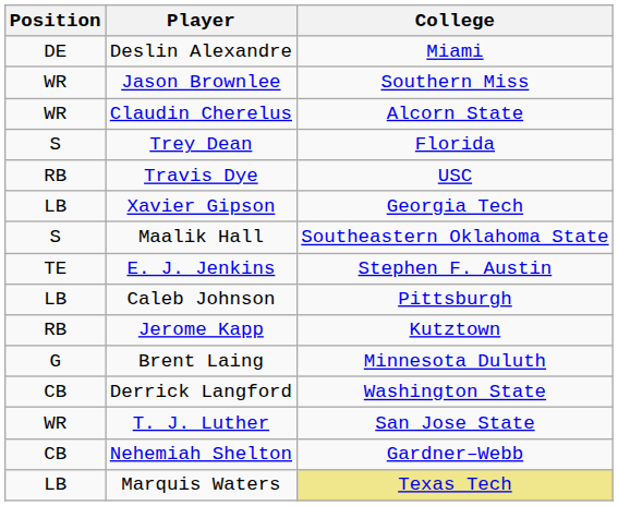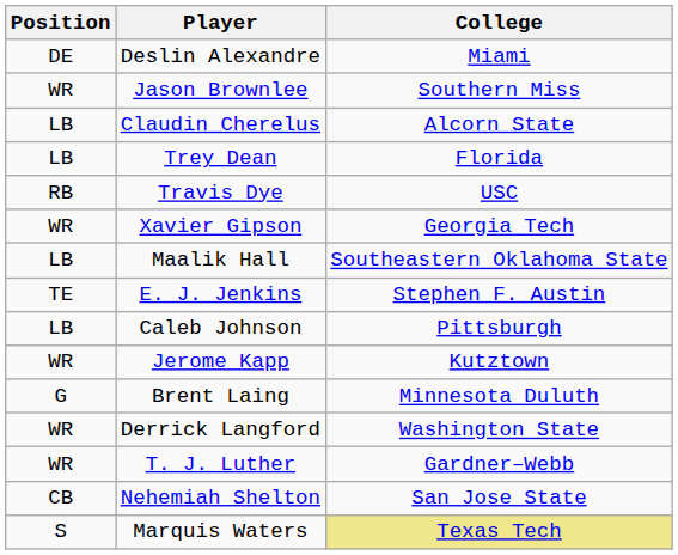 <table class="wikitable" style="text-align:center">
 <tr>
 <th>Position</th>
 <th>Player</th>
 <th>College</th>
 </tr>
 <tr>
 <td>DE</td>
 <td>Deslin Alexandre</td>
 <td><a href='#'>Miami</a></td>
 </tr>
 <tr>
 <td>WR</td>
 <td><a href='#'>Jason Brownlee</a></td>
 <td><a href='#'>Southern Miss</a></td>
 </tr>
 <tr>
-<td>WR</td>
+<td>LB</td>
 <td><a href='#'>Claudin Cherelus</a></td>
 <td><a href='#'>Alcorn State</a></td>
 </tr>
 <tr>
-<td>S</td>
+<td>LB</td>
 <td><a href='#'>Trey Dean</a></td>
 <td><a href='#'>Florida</a></td>
 </tr>
 <tr>
 <td>RB</td>
 <td><a href='#'>Travis Dye</a></td>
 <td><a href='#'>USC</a></td>
 </tr>
 <tr>
-<td>LB</td>
+<td>WR</td>
 <td><a href='#'>Xavier Gipson</a></td>
 <td><a href='#'>Georgia Tech</a></td>
 </tr>
 <tr>
-<td>S</td>
+<td>LB</td>
 <td>Maalik Hall</td>
 <td><a href='#'>Southeastern Oklahoma State</a></td>
 </tr>
 <tr>
 <td>TE</td>
 <td><a href='#'>E. J. Jenkins</a></td>
 <td><a href='#'>Stephen F. Austin</a></td>
 </tr>
 <tr>
 <td>LB</td>
 <td>Caleb Johnson</td>
 <td><a href='#'>Pittsburgh</a></td>
 </tr>
 <tr>
-<td>RB</td>
+<td>WR</td>
 <td><a href='#'>Jerome Kapp</a></td>
 <td><a href='#'>Kutztown</a></td>
 </tr>
 <tr>
 <td>G</td>
 <td>Brent Laing</td>
 <td><a href='#'>Minnesota Duluth</a></td>
 </tr>
 <tr>
-<td>CB</td>
+<td>WR</td>
 <td>Derrick Langford</td>
 <td><a href='#'>Washington State</a></td>
 </tr>
 <tr>
 <td>WR</td>
 <td><a href='#'>T. J. Luther</a></td>
-<td><a href='#'>San Jose State</a></td>
+<td><a href='#'>Gardner–Webb</a></td>
 </tr>
 <tr>
 <td>CB</td>
 <td><a href='#'>Nehemiah Shelton</a></td>
-<td><a href='#'>Gardner–Webb</a></td>
+<td><a href='#'>San Jose State</a></td>
 </tr>
 <tr>
-<td>LB</td>
+<td>S</td>
 <td>Marquis Waters</td>
 <td style="background: khaki;"><a href='#'>Texas Tech</a></td>
 </tr>
 </table>
